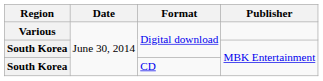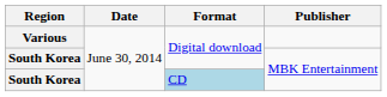 <table class="wikitable">
 <tr>
 <th>Region</th>
 <th>Date</th>
 <th>Format</th>
 <th>Publisher</th>
 </tr>
 <tr>
 <th>Various</th>
 <td rowspan="3">June 30, 2014</td>
 <td rowspan="2"><a href='#'>Digital download</a></td>
 <td></td>
 </tr>
 <tr>
 <th>South Korea</th>
 <td rowspan="2"><a href='#'>MBK Entertainment</a></td>
 </tr>
 <tr>
 <th>South Korea</th>
-<td><a href='#'>CD</a></td>
+<td style="background: lightblue;"><a href='#'>CD</a></td>
 </tr>
 </table>
